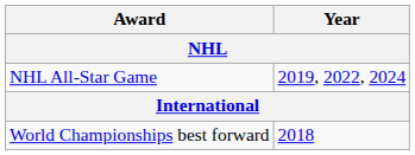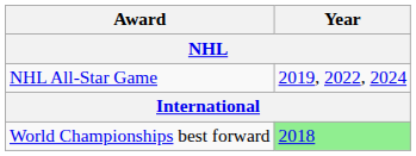 <table class="wikitable">
 <tr>
 <th>Award</th>
 <th>Year</th>
 </tr>
 <tr>
 <th colspan="2"><a href='#'>NHL</a></th>
 </tr>
 <tr>
 <td><a href='#'>NHL All-Star Game</a></td>
 <td><a href='#'>2019</a>, <a href='#'>2022</a>, <a href='#'>2024</a></td>
 </tr>
 <tr>
 <th colspan="2"><a href='#'>International</a></th>
 </tr>
 <tr>
 <td><a href='#'>World Championships</a> best forward</td>
-<td><a href='#'>2018</a></td>
+<td style="background: lightgreen;"><a href='#'>2018</a></td>
 </tr>
 </table>
